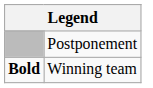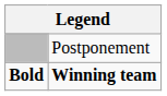 <table class="wikitable" style="font-size:90%">
 <tr>
 <th colspan="2">Legend</th>
 </tr>
 <tr>
 <td style="background:#bbb;"> </td>
 <td>Postponement</td>
 </tr>
 <tr>
 <td><strong>Bold</strong></td>
-<td>Winning team</td>
+<td><strong>Winning team</strong></td>
 </tr>
 </table>
